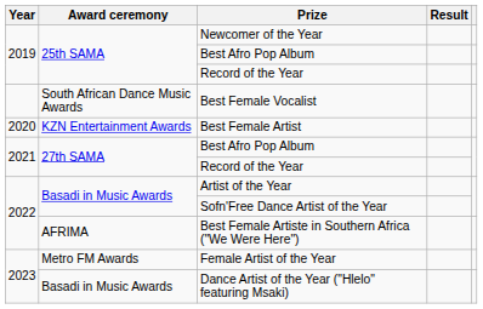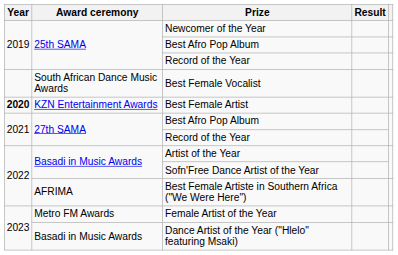 <table class="wikitable">
 <tr>
 <th>Year</th>
 <th>Award ceremony</th>
 <th>Prize</th>
 <th>Result</th>
 <th></th>
 </tr>
 <tr>
 <td rowspan="3">2019</td>
 <td rowspan="3"><a href='#'>25th SAMA</a></td>
 <td>Newcomer of the Year</td>
 <td></td>
 <td></td>
 </tr>
 <tr>
 <td>Best Afro Pop Album</td>
 <td></td>
 <td></td>
 </tr>
 <tr>
 <td>Record of the Year </td>
 <td></td>
 <td></td>
 </tr>
 <tr>
 <td></td>
 <td>South African Dance Music Awards</td>
 <td>Best Female Vocalist</td>
 <td></td>
 <td></td>
 </tr>
 <tr>
-<td>2020</td>
+<td><strong>2020</strong></td>
 <td><a href='#'>KZN Entertainment Awards</a></td>
 <td>Best Female Artist</td>
 <td></td>
 <td></td>
 </tr>
 <tr>
 <td rowspan="2">2021</td>
 <td rowspan="2"><a href='#'>27th SAMA</a></td>
 <td>Best Afro Pop Album</td>
 <td></td>
 <td rowspan="2"></td>
 </tr>
 <tr>
 <td>Record of the Year</td>
 <td></td>
 </tr>
 <tr>
 <td rowspan="3">2022</td>
 <td rowspan="2"><a href='#'>Basadi in Music Awards</a></td>
 <td>Artist of the Year</td>
 <td></td>
 <td rowspan="2"></td>
 </tr>
 <tr>
 <td>Sofn'Free Dance Artist of the Year</td>
 <td></td>
 </tr>
 <tr>
 <td>AFRIMA</td>
 <td>Best Female Artiste in Southern Africa ("We Were Here")</td>
 <td></td>
 <td></td>
 </tr>
 <tr>
 <td rowspan="3">2023</td>
 <td>Metro FM Awards</td>
 <td>Female Artist of the Year</td>
 <td></td>
 <td></td>
 </tr>
 <tr>
 <td>Basadi in Music Awards</td>
 <td>Dance Artist of the Year ("Hlelo" featuring Msaki)</td>
 <td></td>
 <td></td>
 </tr>
 </table>
